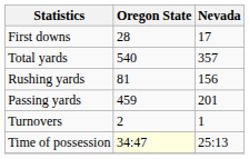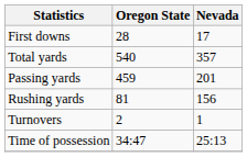 <table class="wikitable">
 <tr>
 <th>Statistics</th>
 <th>Oregon State</th>
 <th>Nevada</th>
 </tr>
 <tr>
 <td>First downs</td>
 <td>28</td>
 <td>17</td>
 </tr>
 <tr>
 <td>Total yards</td>
 <td>540</td>
 <td>357</td>
 </tr>
 <tr>
+<td>Passing yards</td>
+<td>459</td>
+<td>201</td>
+</tr>
+<tr>
 <td>Rushing yards</td>
 <td>81</td>
 <td>156</td>
-</tr>
-<tr>
-<td>Passing yards</td>
-<td>459</td>
-<td>201</td>
 </tr>
 <tr>
 <td>Turnovers</td>
 <td>2</td>
 <td>1</td>
 </tr>
 <tr>
 <td>Time of possession</td>
-<td style="background: lightyellow;">34:47</td>
+<td>34:47</td>
 <td>25:13</td>
 </tr>
 <tr>
 </tr>
 </table>
